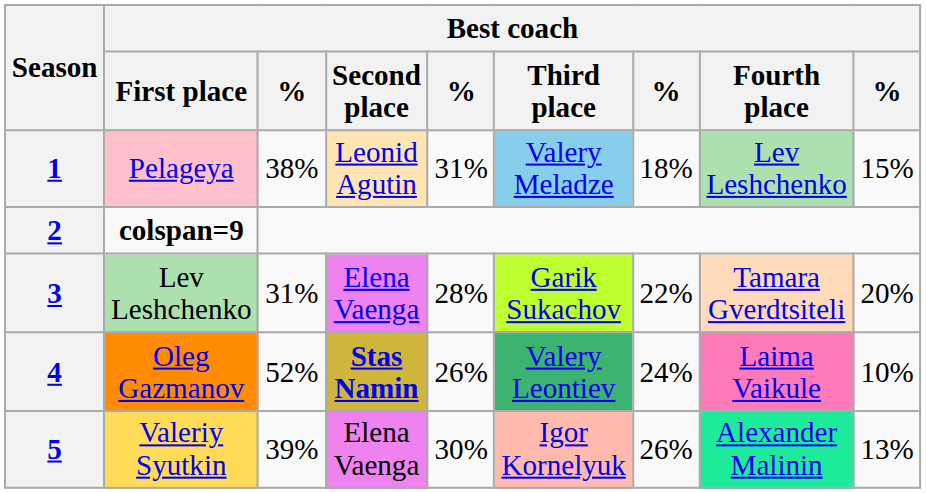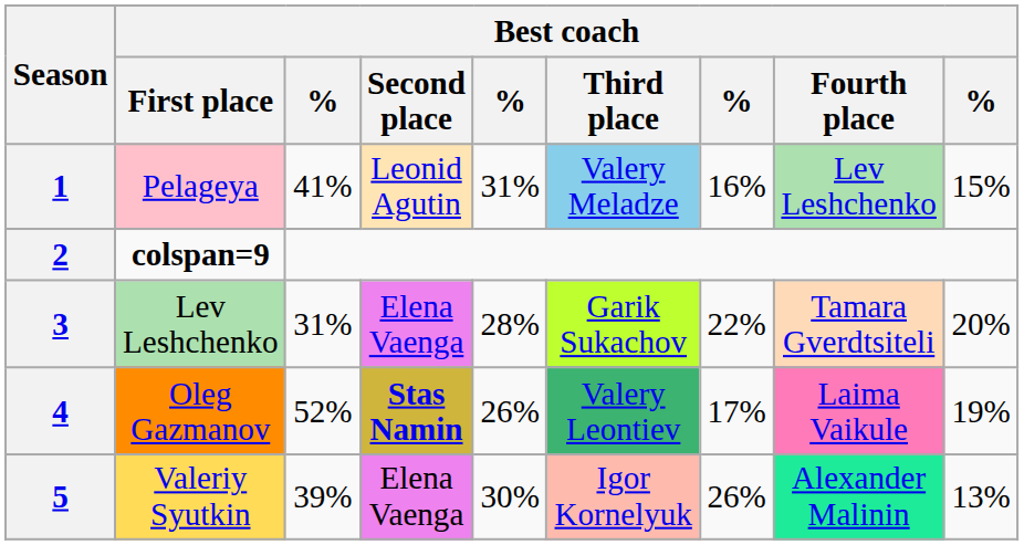 <table class="wikitable" style="text-align:center; font-size:90%; line-height:16px;" width="10%">
 <tr>
 <th rowspan=2 scope="col" width="8%">Season</th>
 <th colspan=9 scope="col" width="20%">Best coach</th>
 </tr>
 <tr>
 <th width="05%">First place</th>
 <th width="05%">%</th>
 <th width="05%">Second place</th>
 <th width="05%">%</th>
 <th width="05%">Third place</th>
 <th width="05%">%</th>
 <th width="05%">Fourth place</th>
 <th width="05%">%</th>
 </tr>
 <tr>
 <th><a href='#'>1</a></th>
 <td style="background:pink;"><a href='#'>Pelageya</a></td>
-<td>38%</td>
+<td>41%</td>
 <td style="background:#ffe5b4;"><a href='#'>Leonid Agutin</a></td>
 <td>31%</td>
 <td style="background:#87ceeb;"><a href='#'>Valery Meladze</a></td>
-<td>18%</td>
+<td>16%</td>
 <td style="background:#ace1af;"><a href='#'>Lev Leshchenko</a></td>
 <td>15%</td>
 </tr>
 <tr>
 <th><a href='#'>2</a></th>
 <td><strong>colspan=9 </strong></td>
 </tr>
 <tr>
 <th><a href='#'>3</a></th>
 <td style="background:#ace1af;">Lev Leshchenko</td>
 <td>31%</td>
 <td style="background:#EE82EE;"><a href='#'>Elena Vaenga</a></td>
 <td>28%</td>
 <td style="background:#bdff2f;"><a href='#'>Garik Sukachov</a></td>
 <td>22%</td>
 <td style="background:#FFDAB9;"><a href='#'>Tamara Gverdtsiteli</a></td>
 <td>20%</td>
 </tr>
 <tr>
 <th><a href='#'>4</a></th>
 <td style="background:#FF8C00;"><a href='#'>Oleg Gazmanov</a></td>
 <td>52%</td>
 <td style="background:#CFB53B;"><strong><a href='#'>Stas Namin</a></strong></td>
 <td>26%</td>
 <td style="background:MediumSeaGreen;"><a href='#'>Valery Leontiev</a></td>
-<td>24%</td>
+<td>17%</td>
 <td style="background:#ff7ab9"><a href='#'>Laima Vaikule</a></td>
-<td>10%</td>
+<td>19%</td>
 </tr>
 <tr>
 <th><a href='#'>5</a></th>
 <td style="background:#ffdb58;"><a href='#'>Valeriy Syutkin</a></td>
 <td>39%</td>
 <td style="background:#EE82EE;">Elena Vaenga</td>
 <td>30%</td>
 <td style="background:#febaad;"><a href='#'>Igor Kornelyuk</a></td>
 <td>26%</td>
 <td style="background:#1deb99;"><a href='#'>Alexander Malinin</a></td>
 <td>13%</td>
 </tr>
 </table>
